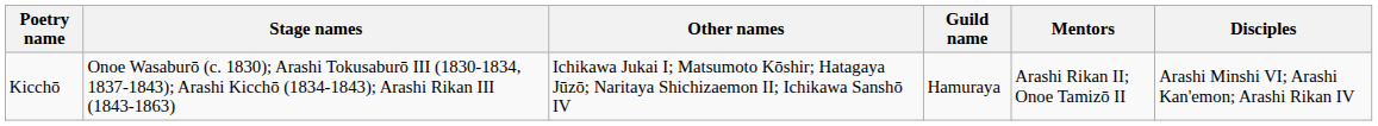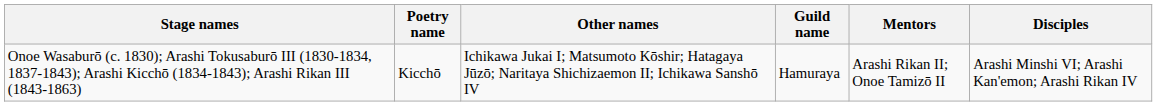 <table class="wikitable">
 <tr>
+<th>Stage names</th>
 <th>Poetry name</th>
-<th>Stage names</th>
 <th>Other names</th>
 <th>Guild name</th>
 <th>Mentors</th>
 <th>Disciples</th>
 </tr>
 <tr>
+<td>Onoe Wasaburō (c. 1830); Arashi Tokusaburō III (1830-1834, 1837-1843); Arashi Kicchō (1834-1843); Arashi Rikan III (1843-1863)</td>
 <td>Kicchō</td>
-<td>Onoe Wasaburō (c. 1830); Arashi Tokusaburō III (1830-1834, 1837-1843); Arashi Kicchō (1834-1843); Arashi Rikan III (1843-1863)</td>
 <td>Ichikawa Jukai I; Matsumoto Kōshir; Hatagaya Jūzō; Naritaya Shichizaemon II; Ichikawa Sanshō IV</td>
 <td>Hamuraya</td>
 <td>Arashi Rikan II; Onoe Tamizō II</td>
 <td>Arashi Minshi VI; Arashi Kan'emon; Arashi Rikan IV</td>
 </tr>
 </table>
